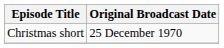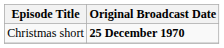 <table class="wikitable">
 <tr>
 <th>Episode Title</th>
 <th>Original Broadcast Date</th>
 </tr>
 <tr>
 <td>Christmas short</td>
-<td>25 December 1970</td>
+<td><strong>25 December 1970</strong></td>
 </tr>
 <tr>
 </tr>
 </table>
